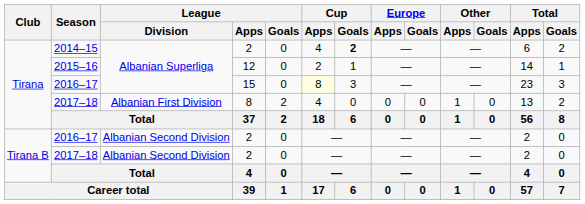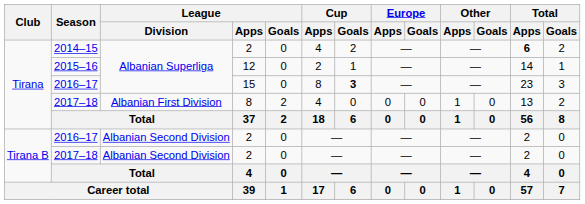 <table class="wikitable" style="text-align: center;">
 <tr>
 <th rowspan="2">Club</th>
 <th rowspan="2">Season</th>
 <th colspan="3">League</th>
 <th colspan="2">Cup</th>
 <th colspan="2"><a href='#'>Europe</a></th>
 <th colspan="2">Other</th>
 <th colspan="2">Total</th>
 </tr>
 <tr>
 <th>Division</th>
 <th>Apps</th>
 <th>Goals</th>
 <th>Apps</th>
 <th>Goals</th>
 <th>Apps</th>
 <th>Goals</th>
 <th>Apps</th>
 <th>Goals</th>
 <th>Apps</th>
 <th>Goals</th>
 </tr>
 <tr>
 <td rowspan="5" valign="center"><a href='#'>Tirana</a></td>
 <td><a href='#'>2014–15</a></td>
 <td rowspan="3" valign="center"><a href='#'>Albanian Superliga</a></td>
 <td>2</td>
 <td>0</td>
 <td>4</td>
-<td><strong>2</strong></td>
+<td>2</td>
 <td colspan="2">—</td>
 <td colspan="2">—</td>
-<td>6</td>
+<td><strong>6</strong></td>
 <td>2</td>
 </tr>
 <tr>
 <td><a href='#'>2015–16</a></td>
 <td>12</td>
 <td>0</td>
 <td>2</td>
 <td>1</td>
 <td colspan="2">—</td>
 <td colspan="2">—</td>
 <td>14</td>
 <td>1</td>
 </tr>
 <tr>
 <td><a href='#'>2016–17</a></td>
 <td>15</td>
 <td>0</td>
-<td style="background: lightyellow;">8</td>
-<td>3</td>
+<td>8</td>
+<td><strong>3</strong></td>
 <td colspan="2">—</td>
 <td colspan="2">—</td>
 <td>23</td>
 <td>3</td>
 </tr>
 <tr>
 <td><a href='#'>2017–18</a></td>
 <td rowspan="1"><a href='#'>Albanian First Division</a></td>
 <td>8</td>
 <td>2</td>
 <td>4</td>
 <td>0</td>
 <td>0</td>
 <td>0</td>
 <td>1</td>
 <td>0</td>
 <td>13</td>
 <td>2</td>
 </tr>
 <tr>
 <th colspan="2">Total</th>
 <th>37</th>
 <th>2</th>
 <th>18</th>
 <th>6</th>
 <th>0</th>
 <th>0</th>
 <th>1</th>
 <th>0</th>
 <th>56</th>
 <th>8</th>
 </tr>
 <tr>
 <td rowspan="3" valign="center"><a href='#'>Tirana B</a></td>
 <td><a href='#'>2016–17</a></td>
 <td rowspan="1"><a href='#'>Albanian Second Division</a></td>
 <td>2</td>
 <td>0</td>
 <td colspan="2">—</td>
 <td colspan="2">—</td>
 <td colspan="2">—</td>
 <td>2</td>
 <td>0</td>
 </tr>
 <tr>
 <td><a href='#'>2017–18</a></td>
 <td rowspan="1"><a href='#'>Albanian Second Division</a></td>
 <td>2</td>
 <td>0</td>
 <td colspan="2">—</td>
 <td colspan="2">—</td>
 <td colspan="2">—</td>
 <td>2</td>
 <td>0</td>
 </tr>
 <tr>
 <th colspan="2" valign="center">Total</th>
 <th>4</th>
 <th>0</th>
 <th colspan="2">—</th>
 <th colspan="2">—</th>
 <th colspan="2">—</th>
 <th>4</th>
 <th>0</th>
 </tr>
 <tr>
 <th colspan="3">Career total</th>
 <th>39</th>
 <th>1</th>
 <th>17</th>
 <th>6</th>
 <th>0</th>
 <th>0</th>
 <th>1</th>
 <th>0</th>
 <th>57</th>
 <th>7</th>
 </tr>
 </table>
